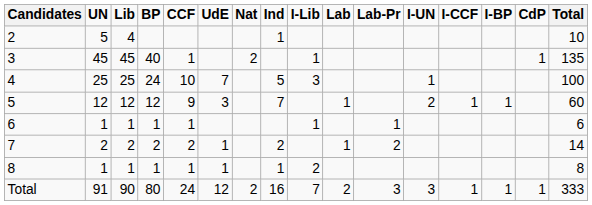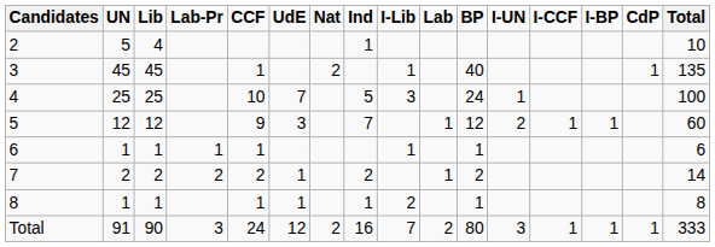 <table class="wikitable" style="text-align:right;">
 <tr>
 <th>Candidates</th>
 <td><strong>UN</strong></td>
 <td><strong>Lib</strong></td>
-<td><strong>BP</strong></td>
+<td><strong>Lab-Pr</strong></td>
 <td><strong>CCF</strong></td>
 <td><strong>UdE</strong></td>
 <td><strong>Nat</strong></td>
 <td><strong>Ind</strong></td>
 <td><strong>I-Lib</strong></td>
 <td><strong>Lab</strong></td>
-<td><strong>Lab-Pr</strong></td>
+<td><strong>BP</strong></td>
 <td><strong>I-UN</strong></td>
 <td><strong>I-CCF</strong></td>
 <td><strong>I-BP</strong></td>
 <td><strong>CdP</strong></td>
 <th>Total</th>
 </tr>
 <tr>
 <td style="text-align:left;">2</td>
 <td>5</td>
 <td>4</td>
 <td></td>
 <td></td>
 <td></td>
 <td></td>
 <td>1</td>
 <td></td>
 <td></td>
 <td></td>
 <td></td>
 <td></td>
 <td></td>
 <td></td>
 <td>10</td>
 </tr>
 <tr>
 <td style="text-align:left;">3</td>
 <td>45</td>
 <td>45</td>
-<td>40</td>
+<td></td>
 <td>1</td>
 <td></td>
 <td>2</td>
 <td></td>
 <td>1</td>
 <td></td>
-<td></td>
+<td>40</td>
 <td></td>
 <td></td>
 <td></td>
 <td>1</td>
 <td>135</td>
 </tr>
 <tr>
 <td style="text-align:left;">4</td>
 <td>25</td>
 <td>25</td>
-<td>24</td>
+<td></td>
 <td>10</td>
 <td>7</td>
 <td></td>
 <td>5</td>
 <td>3</td>
 <td></td>
-<td></td>
+<td>24</td>
 <td>1</td>
 <td></td>
 <td></td>
 <td></td>
 <td>100</td>
 </tr>
 <tr>
 <td style="text-align:left;">5</td>
 <td>12</td>
 <td>12</td>
-<td>12</td>
+<td></td>
 <td>9</td>
 <td>3</td>
 <td></td>
 <td>7</td>
 <td></td>
 <td>1</td>
-<td></td>
+<td>12</td>
 <td>2</td>
 <td>1</td>
 <td>1</td>
 <td></td>
 <td>60</td>
 </tr>
 <tr>
 <td style="text-align:left;">6</td>
 <td>1</td>
 <td>1</td>
 <td>1</td>
 <td>1</td>
 <td></td>
 <td></td>
 <td></td>
 <td>1</td>
 <td></td>
 <td>1</td>
 <td></td>
 <td></td>
 <td></td>
 <td></td>
 <td>6</td>
 </tr>
 <tr>
 <td style="text-align:left;">7</td>
 <td>2</td>
 <td>2</td>
 <td>2</td>
 <td>2</td>
 <td>1</td>
 <td></td>
 <td>2</td>
 <td></td>
 <td>1</td>
 <td>2</td>
 <td></td>
 <td></td>
 <td></td>
 <td></td>
 <td>14</td>
 </tr>
 <tr>
 <td style="text-align:left;">8</td>
 <td>1</td>
 <td>1</td>
-<td>1</td>
+<td></td>
 <td>1</td>
 <td>1</td>
 <td></td>
 <td>1</td>
 <td>2</td>
 <td></td>
-<td></td>
+<td>1</td>
 <td></td>
 <td></td>
 <td></td>
 <td></td>
 <td>8</td>
 </tr>
 <tr>
 <td style="text-align:left;">Total</td>
 <td>91</td>
 <td>90</td>
-<td>80</td>
+<td>3</td>
 <td>24</td>
 <td>12</td>
 <td>2</td>
 <td>16</td>
 <td>7</td>
 <td>2</td>
-<td>3</td>
+<td>80</td>
 <td>3</td>
 <td>1</td>
 <td>1</td>
 <td>1</td>
 <td>333</td>
 </tr>
 </table>
